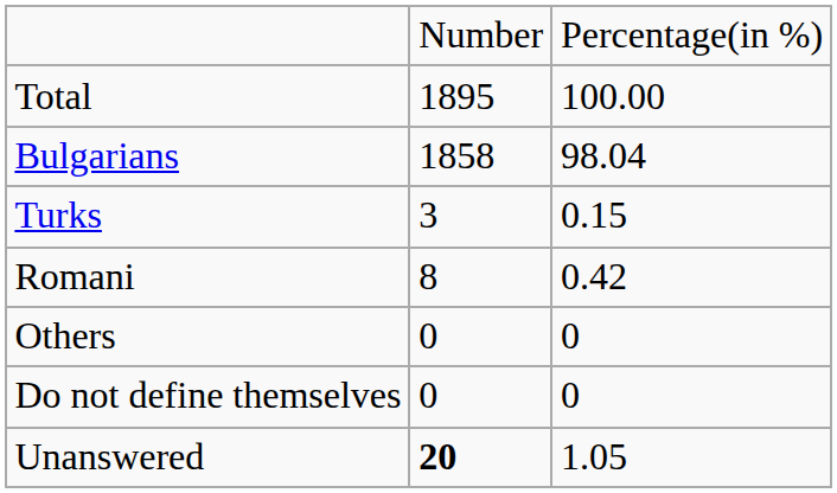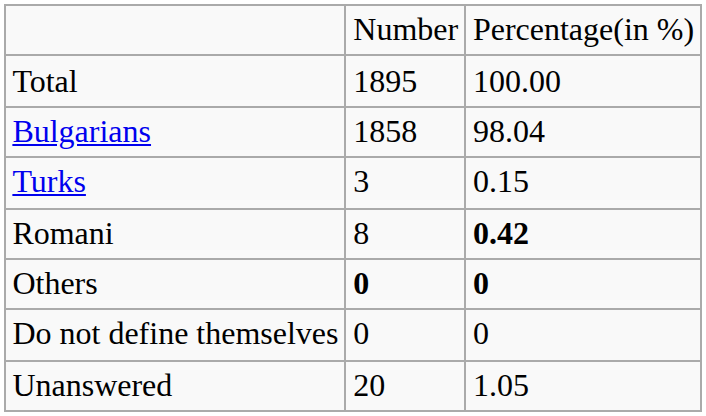 <table class="wikitable">
 <tr>
 <td></td>
 <td>Number</td>
 <td>Percentage(in %)</td>
 </tr>
 <tr>
 <td>Total</td>
 <td>1895</td>
 <td>100.00</td>
 </tr>
 <tr>
 <td><a href='#'>Bulgarians</a></td>
 <td>1858</td>
 <td>98.04</td>
 </tr>
 <tr>
 <td><a href='#'>Turks</a></td>
 <td>3</td>
 <td>0.15</td>
 </tr>
 <tr>
 <td>Romani</td>
 <td>8</td>
-<td>0.42</td>
+<td><strong>0.42</strong></td>
 </tr>
 <tr>
 <td>Others</td>
-<td>0</td>
-<td>0</td>
+<td><strong>0</strong></td>
+<td><strong>0</strong></td>
 </tr>
 <tr>
 <td>Do not define themselves</td>
 <td>0</td>
 <td>0</td>
 </tr>
 <tr>
 <td>Unanswered</td>
-<td><strong>20</strong></td>
+<td>20</td>
 <td>1.05</td>
 </tr>
 </table>
